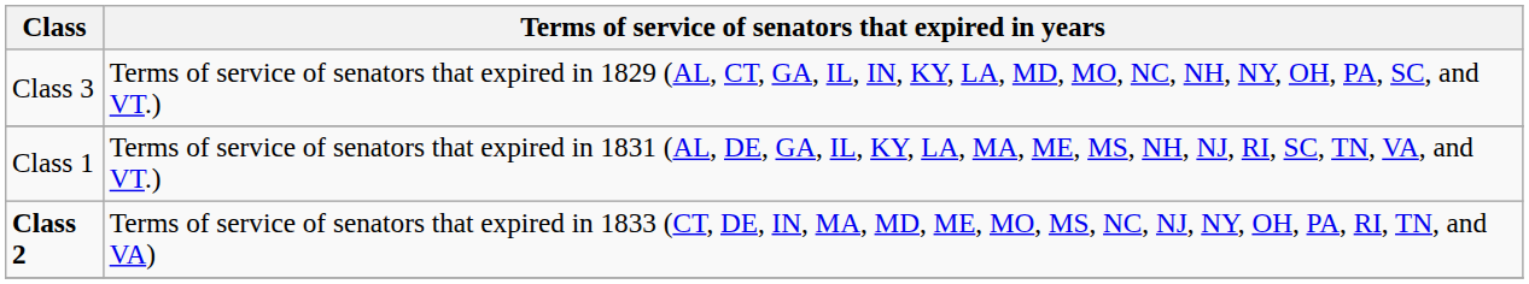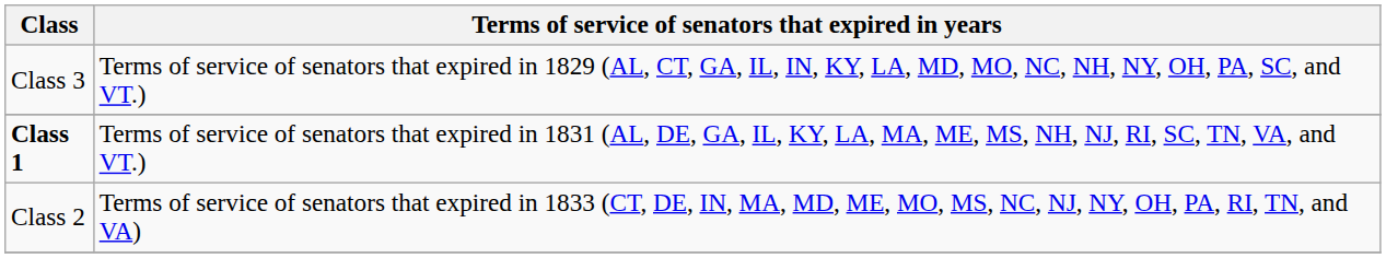 <table class="wikitable sortable">
 <tr valign=bottom>
 <th>Class</th>
 <th>Terms of service of senators that expired in years</th>
 </tr>
 <tr>
 <td>Class 3</td>
 <td>Terms of service of senators that expired in 1829 (<a href='#'>AL</a>, <a href='#'>CT</a>, <a href='#'>GA</a>, <a href='#'>IL</a>, <a href='#'>IN</a>, <a href='#'>KY</a>, <a href='#'>LA</a>, <a href='#'>MD</a>, <a href='#'>MO</a>, <a href='#'>NC</a>, <a href='#'>NH</a>, <a href='#'>NY</a>, <a href='#'>OH</a>, <a href='#'>PA</a>, <a href='#'>SC</a>, and <a href='#'>VT</a>.)</td>
 </tr>
 <tr>
 </tr>
 <tr>
-<td>Class 1</td>
+<td><strong>Class 1</strong></td>
 <td>Terms of service of senators that expired in 1831 (<a href='#'>AL</a>, <a href='#'>DE</a>, <a href='#'>GA</a>, <a href='#'>IL</a>, <a href='#'>KY</a>, <a href='#'>LA</a>, <a href='#'>MA</a>, <a href='#'>ME</a>, <a href='#'>MS</a>, <a href='#'>NH</a>, <a href='#'>NJ</a>, <a href='#'>RI</a>, <a href='#'>SC</a>, <a href='#'>TN</a>, <a href='#'>VA</a>, and <a href='#'>VT</a>.)</td>
 </tr>
 <tr>
-<td><strong>Class 2</strong></td>
+<td>Class 2</td>
 <td>Terms of service of senators that expired in 1833 (<a href='#'>CT</a>, <a href='#'>DE</a>, <a href='#'>IN</a>, <a href='#'>MA</a>, <a href='#'>MD</a>, <a href='#'>ME</a>, <a href='#'>MO</a>, <a href='#'>MS</a>, <a href='#'>NC</a>, <a href='#'>NJ</a>, <a href='#'>NY</a>, <a href='#'>OH</a>, <a href='#'>PA</a>, <a href='#'>RI</a>, <a href='#'>TN</a>, and <a href='#'>VA</a>)</td>
 </tr>
 <tr>
 </tr>
 </table>
